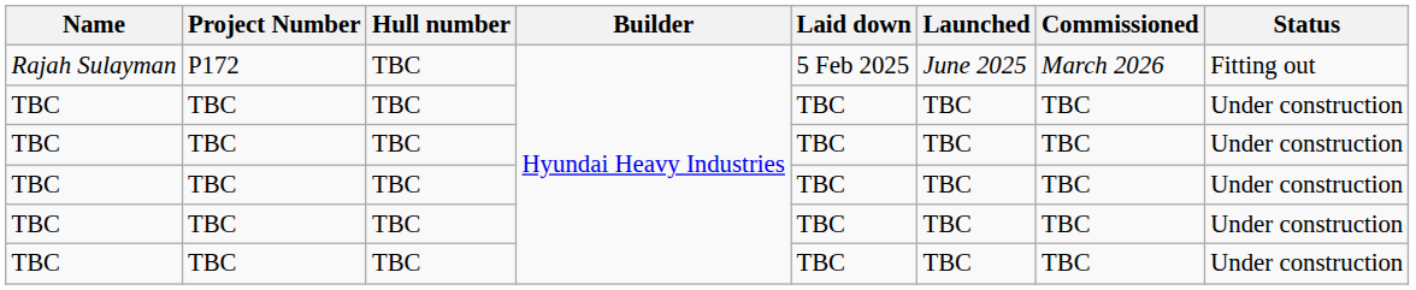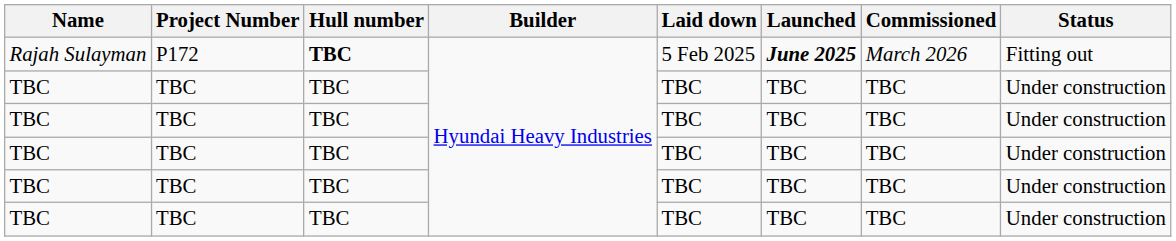 <table class="wikitable">
 <tr>
 <th>Name</th>
 <th>Project Number</th>
 <th>Hull number</th>
 <th>Builder</th>
 <th>Laid down</th>
 <th>Launched</th>
 <th>Commissioned</th>
 <th>Status</th>
 </tr>
 <tr>
 <td><em>Rajah Sulayman</em></td>
 <td>P172</td>
-<td>TBC</td>
+<td><strong>TBC</strong></td>
 <td rowspan="6"><a href='#'>Hyundai Heavy Industries</a></td>
 <td>5 Feb 2025 </td>
-<td><em>June 2025</em></td>
+<td><strong><em>June 2025</em></strong></td>
 <td><em>March 2026</em></td>
 <td>Fitting out</td>
 </tr>
 <tr>
 <td>TBC</td>
 <td>TBC</td>
 <td>TBC</td>
 <td>TBC</td>
 <td>TBC</td>
 <td>TBC</td>
 <td>Under construction</td>
 </tr>
 <tr>
 <td>TBC</td>
 <td>TBC</td>
 <td>TBC</td>
 <td>TBC</td>
 <td>TBC</td>
 <td>TBC</td>
 <td>Under construction</td>
 </tr>
 <tr>
 <td>TBC</td>
 <td>TBC</td>
 <td>TBC</td>
 <td>TBC</td>
 <td>TBC</td>
 <td>TBC</td>
 <td>Under construction</td>
 </tr>
 <tr>
 <td>TBC</td>
 <td>TBC</td>
 <td>TBC</td>
 <td>TBC</td>
 <td>TBC</td>
 <td>TBC</td>
 <td>Under construction</td>
 </tr>
 <tr>
 <td>TBC</td>
 <td>TBC</td>
 <td>TBC</td>
 <td>TBC</td>
 <td>TBC</td>
 <td>TBC</td>
 <td>Under construction</td>
 </tr>
 </table>
